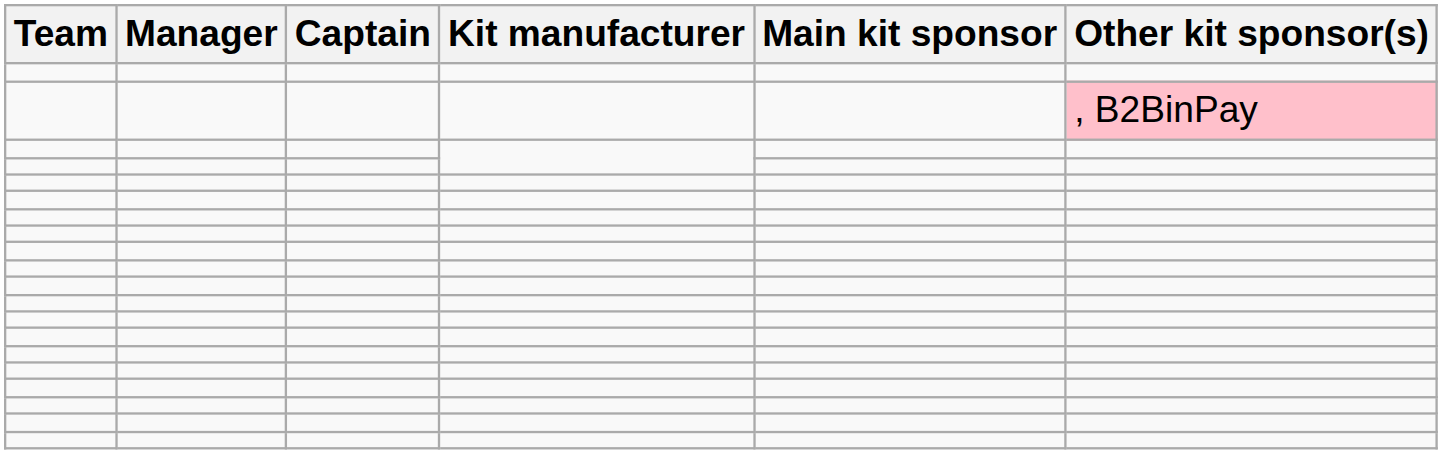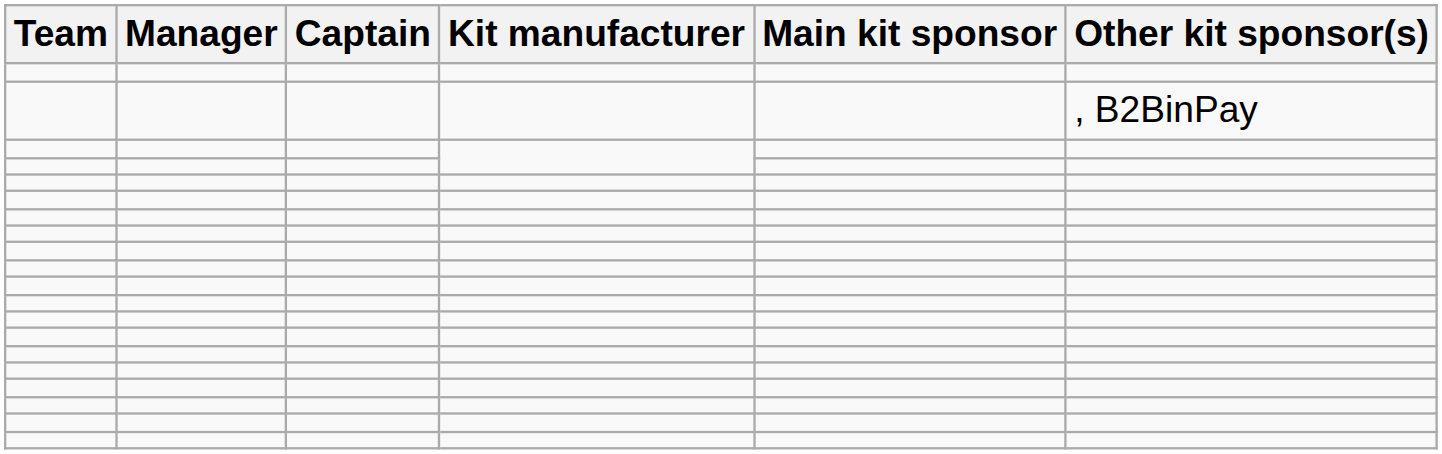 <table class="wikitable sortable" style="text-align: left;">
 <tr>
 <th>Team</th>
 <th>Manager</th>
 <th>Captain</th>
 <th>Kit manufacturer</th>
 <th>Main kit sponsor</th>
 <th>Other kit sponsor(s)</th>
 </tr>
 <tr>
 <td></td>
 <td></td>
 <td></td>
 <td></td>
 <td></td>
 <td></td>
 </tr>
 <tr>
 <td></td>
 <td></td>
 <td></td>
 <td></td>
 <td></td>
-<td style="background: pink;">, B2BinPay</td>
+<td>, B2BinPay</td>
 </tr>
 <tr>
 <td></td>
 <td></td>
 <td></td>
 <td rowspan="2"></td>
 <td></td>
 <td></td>
 </tr>
 <tr>
 <td></td>
 <td></td>
 <td></td>
 <td></td>
 <td></td>
 </tr>
 <tr>
 <td></td>
 <td></td>
 <td></td>
 <td></td>
 <td></td>
 <td></td>
 </tr>
 <tr>
 <td></td>
 <td></td>
 <td></td>
 <td></td>
 <td></td>
 <td></td>
 </tr>
 <tr>
 <td></td>
 <td></td>
 <td></td>
 <td></td>
 <td></td>
 <td></td>
 </tr>
 <tr>
 <td></td>
 <td></td>
 <td></td>
 <td></td>
 <td></td>
 <td></td>
 </tr>
 <tr>
 <td></td>
 <td></td>
 <td></td>
 <td></td>
 <td></td>
 <td></td>
 </tr>
 <tr>
 <td></td>
 <td></td>
 <td></td>
 <td></td>
 <td></td>
 <td></td>
 </tr>
 <tr>
 <td></td>
 <td></td>
 <td></td>
 <td></td>
 <td></td>
 <td></td>
 </tr>
 <tr>
 <td></td>
 <td></td>
 <td></td>
 <td></td>
 <td></td>
 <td></td>
 </tr>
 <tr>
 <td></td>
 <td></td>
 <td></td>
 <td></td>
 <td></td>
 <td></td>
 </tr>
 <tr>
 <td></td>
 <td></td>
 <td></td>
 <td></td>
 <td></td>
 <td></td>
 </tr>
 <tr>
 <td></td>
 <td></td>
 <td></td>
 <td></td>
 <td></td>
 <td></td>
 </tr>
 <tr>
 <td></td>
 <td></td>
 <td></td>
 <td></td>
 <td></td>
 <td></td>
 </tr>
 <tr>
 <td></td>
 <td></td>
 <td></td>
 <td></td>
 <td></td>
 <td></td>
 </tr>
 <tr>
 <td></td>
 <td></td>
 <td></td>
 <td></td>
 <td></td>
 <td></td>
 </tr>
 <tr>
 <td></td>
 <td></td>
 <td></td>
 <td></td>
 <td></td>
 <td></td>
 </tr>
 <tr>
 <td></td>
 <td></td>
 <td></td>
 <td></td>
 <td></td>
 <td></td>
 </tr>
 </table>
